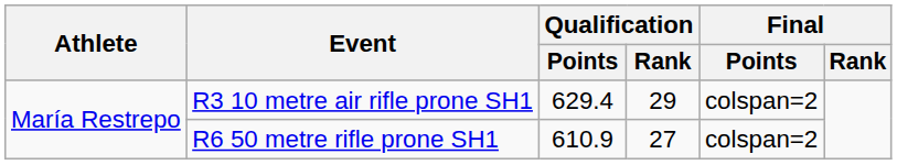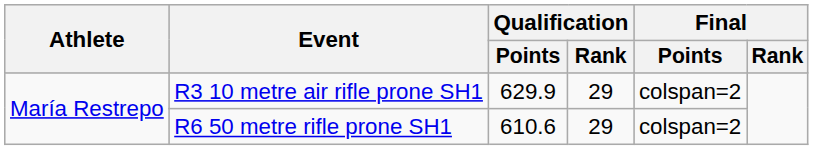 <table class="wikitable" style="font-size:90%">
 <tr>
 <th rowspan="2">Athlete</th>
 <th rowspan="2">Event</th>
 <th colspan="2">Qualification</th>
 <th colspan="2">Final</th>
 </tr>
 <tr style="font-size:95%">
 <th>Points</th>
 <th>Rank</th>
 <th>Points</th>
 <th>Rank</th>
 </tr>
 <tr style="text-align:center">
 <td style="text-align:left" rowspan=2><a href='#'>María Restrepo</a></td>
 <td style="text-align:left"><a href='#'>R3 10 metre air rifle prone SH1</a></td>
-<td>629.4</td>
+<td>629.9</td>
 <td>29</td>
 <td>colspan=2 </td>
 </tr>
 <tr style="text-align:center">
 <td style="text-align:left"><a href='#'>R6 50 metre rifle prone SH1</a></td>
-<td>610.9</td>
-<td>27</td>
+<td>610.6</td>
+<td>29</td>
 <td>colspan=2 </td>
 </tr>
 </table>
